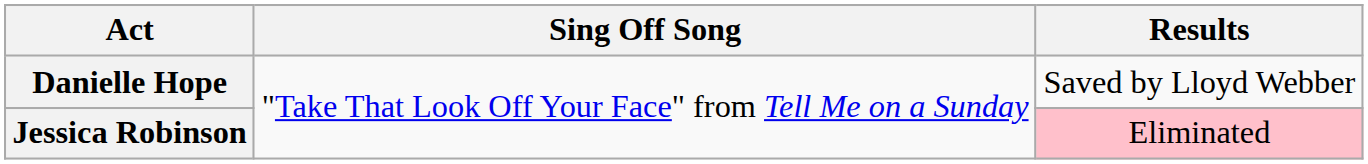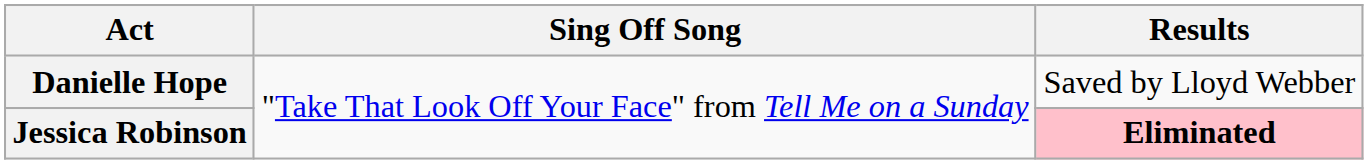 <table class="wikitable plainrowheaders" style="text-align:center;">
 <tr>
 <th scope="col">Act</th>
 <th scope="col">Sing Off Song</th>
 <th scope="col">Results</th>
 </tr>
 <tr>
 <th scope="row">Danielle Hope</th>
 <td rowspan="2">"<a href='#'>Take That Look Off Your Face</a>" from <em><a href='#'>Tell Me on a Sunday</a></em></td>
 <td>Saved by Lloyd Webber</td>
 </tr>
 <tr>
 <th scope="row">Jessica Robinson</th>
-<td style="background:pink;">Eliminated</td>
+<td style="background:pink;"><strong>Eliminated</strong></td>
 </tr>
 </table>
